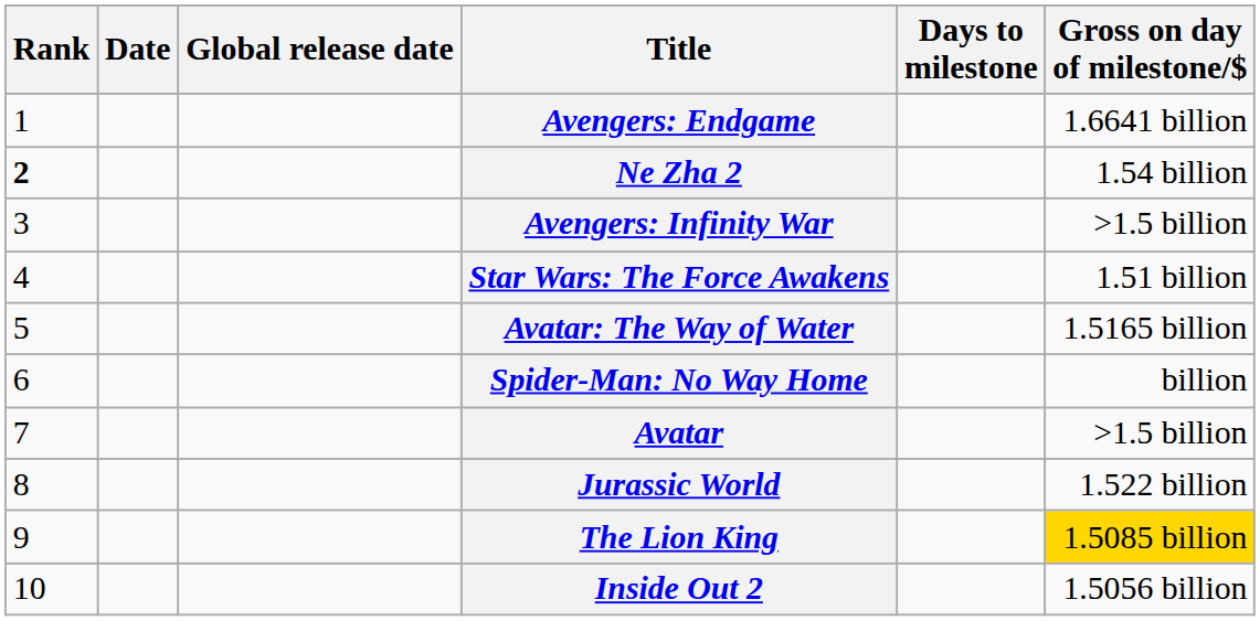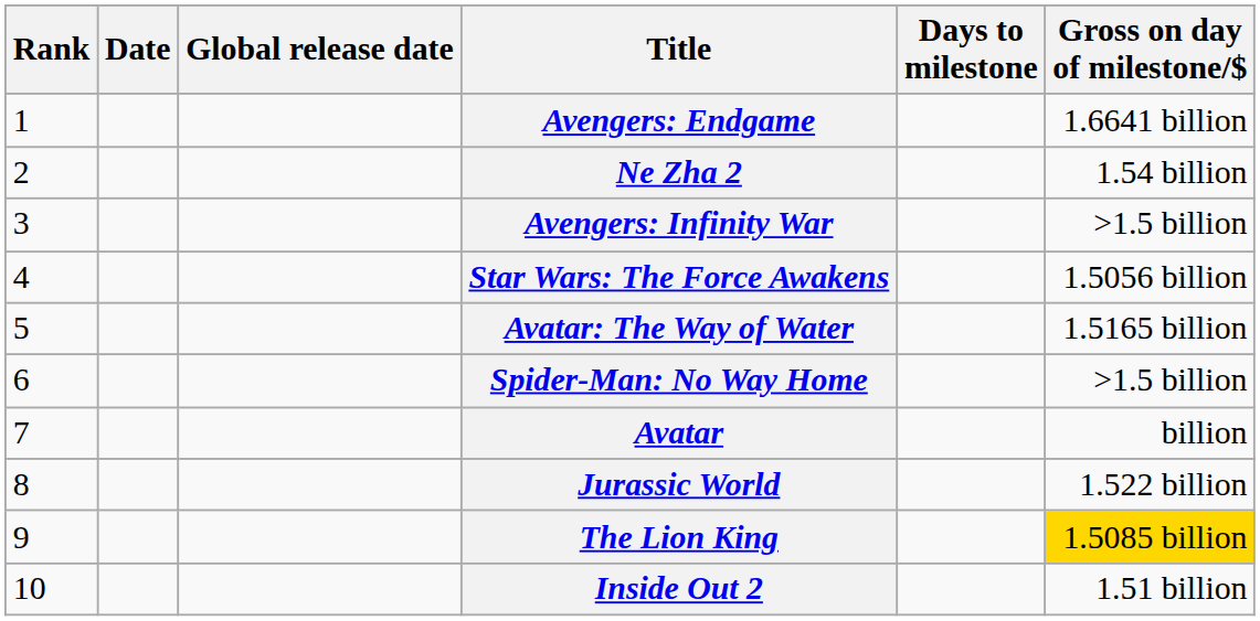 <table class="wikitable">
 <tr>
 <th scope="col">Rank</th>
 <th scope="col">Date</th>
 <th>Global release date</th>
 <th scope="col">Title</th>
 <th scope="col">Days to<br> milestone</th>
 <th scope="col">Gross on day<br> of milestone/$</th>
 </tr>
 <tr>
 <td>1</td>
 <td></td>
 <td></td>
 <th scope="row"><em><a href='#'>Avengers: Endgame</a></em></th>
 <td style="text-align:right;"></td>
 <td style="text-align:right;">1.6641 billion</td>
 </tr>
 <tr>
-<td><strong>2</strong></td>
+<td>2</td>
 <td></td>
 <td></td>
 <th scope="row"><em><a href='#'>Ne Zha 2</a></em></th>
 <td style="text-align:right;"></td>
 <td style="text-align:right;">1.54 billion</td>
 </tr>
 <tr>
 <td>3</td>
 <td></td>
 <td></td>
 <th scope="row"><em><a href='#'>Avengers: Infinity War</a></em></th>
 <td style="text-align:right;"></td>
 <td style="text-align:right;">>1.5 billion</td>
 </tr>
 <tr>
 <td>4</td>
 <td></td>
 <td></td>
 <th scope="row"><em><a href='#'>Star Wars: The Force Awakens</a></em></th>
 <td style="text-align:right;"></td>
-<td style="text-align:right;">1.51 billion</td>
+<td style="text-align:right;">1.5056 billion</td>
 </tr>
 <tr>
 <td>5</td>
 <td></td>
 <td></td>
 <th scope="row"><em><a href='#'>Avatar: The Way of Water</a></em></th>
 <td style="text-align:right;"></td>
 <td style="text-align:right;">1.5165 billion</td>
 </tr>
 <tr>
 <td>6</td>
 <td></td>
 <td></td>
 <th scope="row"><em><a href='#'>Spider-Man: No Way Home</a></em></th>
 <td style="text-align:right;"></td>
-<td style="text-align:right;"> billion</td>
+<td style="text-align:right;">>1.5 billion</td>
 </tr>
 <tr>
 <td>7</td>
 <td></td>
 <td></td>
 <th scope="row"><em><a href='#'>Avatar</a></em></th>
 <td style="text-align:right;"></td>
-<td style="text-align:right;">>1.5 billion</td>
+<td style="text-align:right;"> billion</td>
 </tr>
 <tr>
 <td>8</td>
 <td></td>
 <td></td>
 <th scope="row"><em><a href='#'>Jurassic World</a></em></th>
 <td style="text-align:right;"></td>
 <td style="text-align:right;">1.522 billion</td>
 </tr>
 <tr>
 <td>9</td>
 <td></td>
 <td></td>
 <th scope="row"><em><a href='#'>The Lion King</a></em></th>
 <td style="text-align:right;"></td>
 <td style="background: gold; text-align:right;">1.5085 billion</td>
 </tr>
 <tr>
 <td>10</td>
 <td></td>
 <td></td>
 <th scope="row"><em><a href='#'>Inside Out 2</a></em></th>
 <td style="text-align:right;"></td>
-<td style="text-align:right;">1.5056 billion</td>
+<td style="text-align:right;">1.51 billion</td>
 </tr>
 </table>
